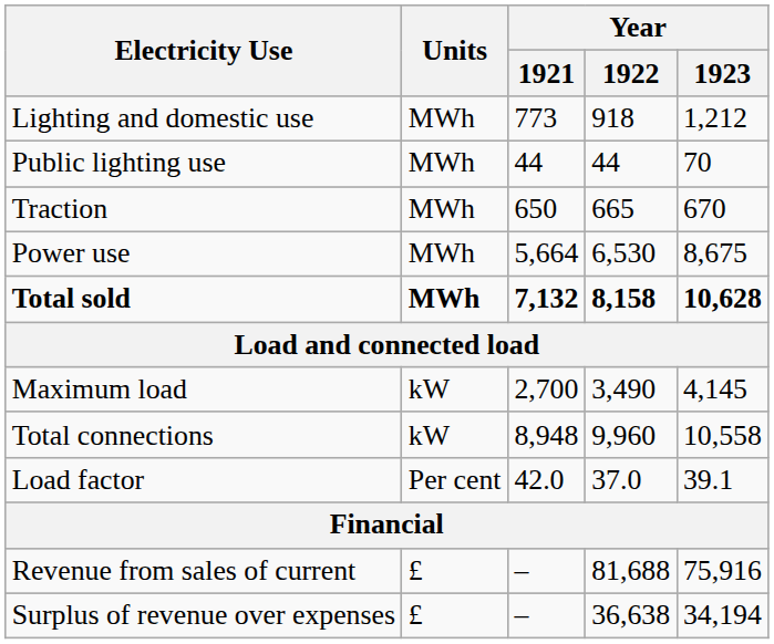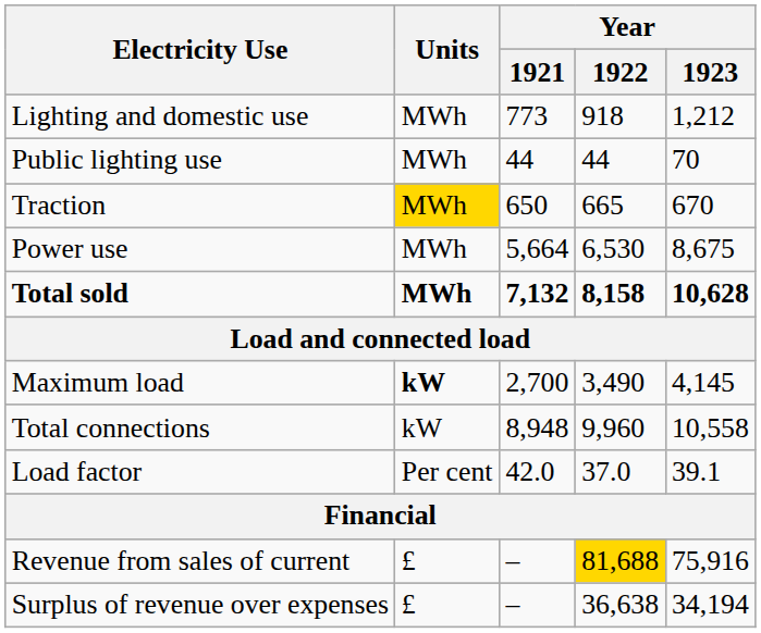 <table class="wikitable">
 <tr>
 <th rowspan="2">Electricity  Use</th>
 <th rowspan="2">Units</th>
 <th colspan="3">Year</th>
 </tr>
 <tr>
 <th>1921</th>
 <th>1922</th>
 <th>1923</th>
 </tr>
 <tr>
 <td>Lighting  and domestic use</td>
 <td>MWh</td>
 <td>773</td>
 <td>918</td>
 <td>1,212</td>
 </tr>
 <tr>
 <td>Public  lighting use</td>
 <td>MWh</td>
 <td>44</td>
 <td>44</td>
 <td>70</td>
 </tr>
 <tr>
 <td>Traction</td>
-<td>MWh</td>
+<td style="background: gold;">MWh</td>
 <td>650</td>
 <td>665</td>
 <td>670</td>
 </tr>
 <tr>
 <td>Power  use</td>
 <td>MWh</td>
 <td>5,664</td>
 <td>6,530</td>
 <td>8,675</td>
 </tr>
 <tr>
 <td><strong>Total sold</strong></td>
 <td><strong>MWh</strong></td>
 <td><strong>7,132</strong></td>
 <td><strong>8,158</strong></td>
 <td><strong>10,628</strong></td>
 </tr>
 <tr>
 <th colspan="5">Load  and connected load</th>
 </tr>
 <tr>
 <td>Maximum  load</td>
-<td>kW</td>
+<td><strong>kW</strong></td>
 <td>2,700</td>
 <td>3,490</td>
 <td>4,145</td>
 </tr>
 <tr>
 <td>Total  connections</td>
 <td>kW</td>
 <td>8,948</td>
 <td>9,960</td>
 <td>10,558</td>
 </tr>
 <tr>
 <td>Load  factor</td>
 <td>Per  cent</td>
 <td>42.0</td>
 <td>37.0</td>
 <td>39.1</td>
 </tr>
 <tr>
 <th colspan="5">Financial</th>
 </tr>
 <tr>
 <td>Revenue  from sales of current</td>
 <td>£</td>
 <td>–</td>
-<td>81,688</td>
+<td style="background: gold;">81,688</td>
 <td>75,916</td>
 </tr>
 <tr>
 <td>Surplus  of revenue over expenses</td>
 <td>£</td>
 <td>–</td>
 <td>36,638</td>
 <td>34,194</td>
 </tr>
 </table>
